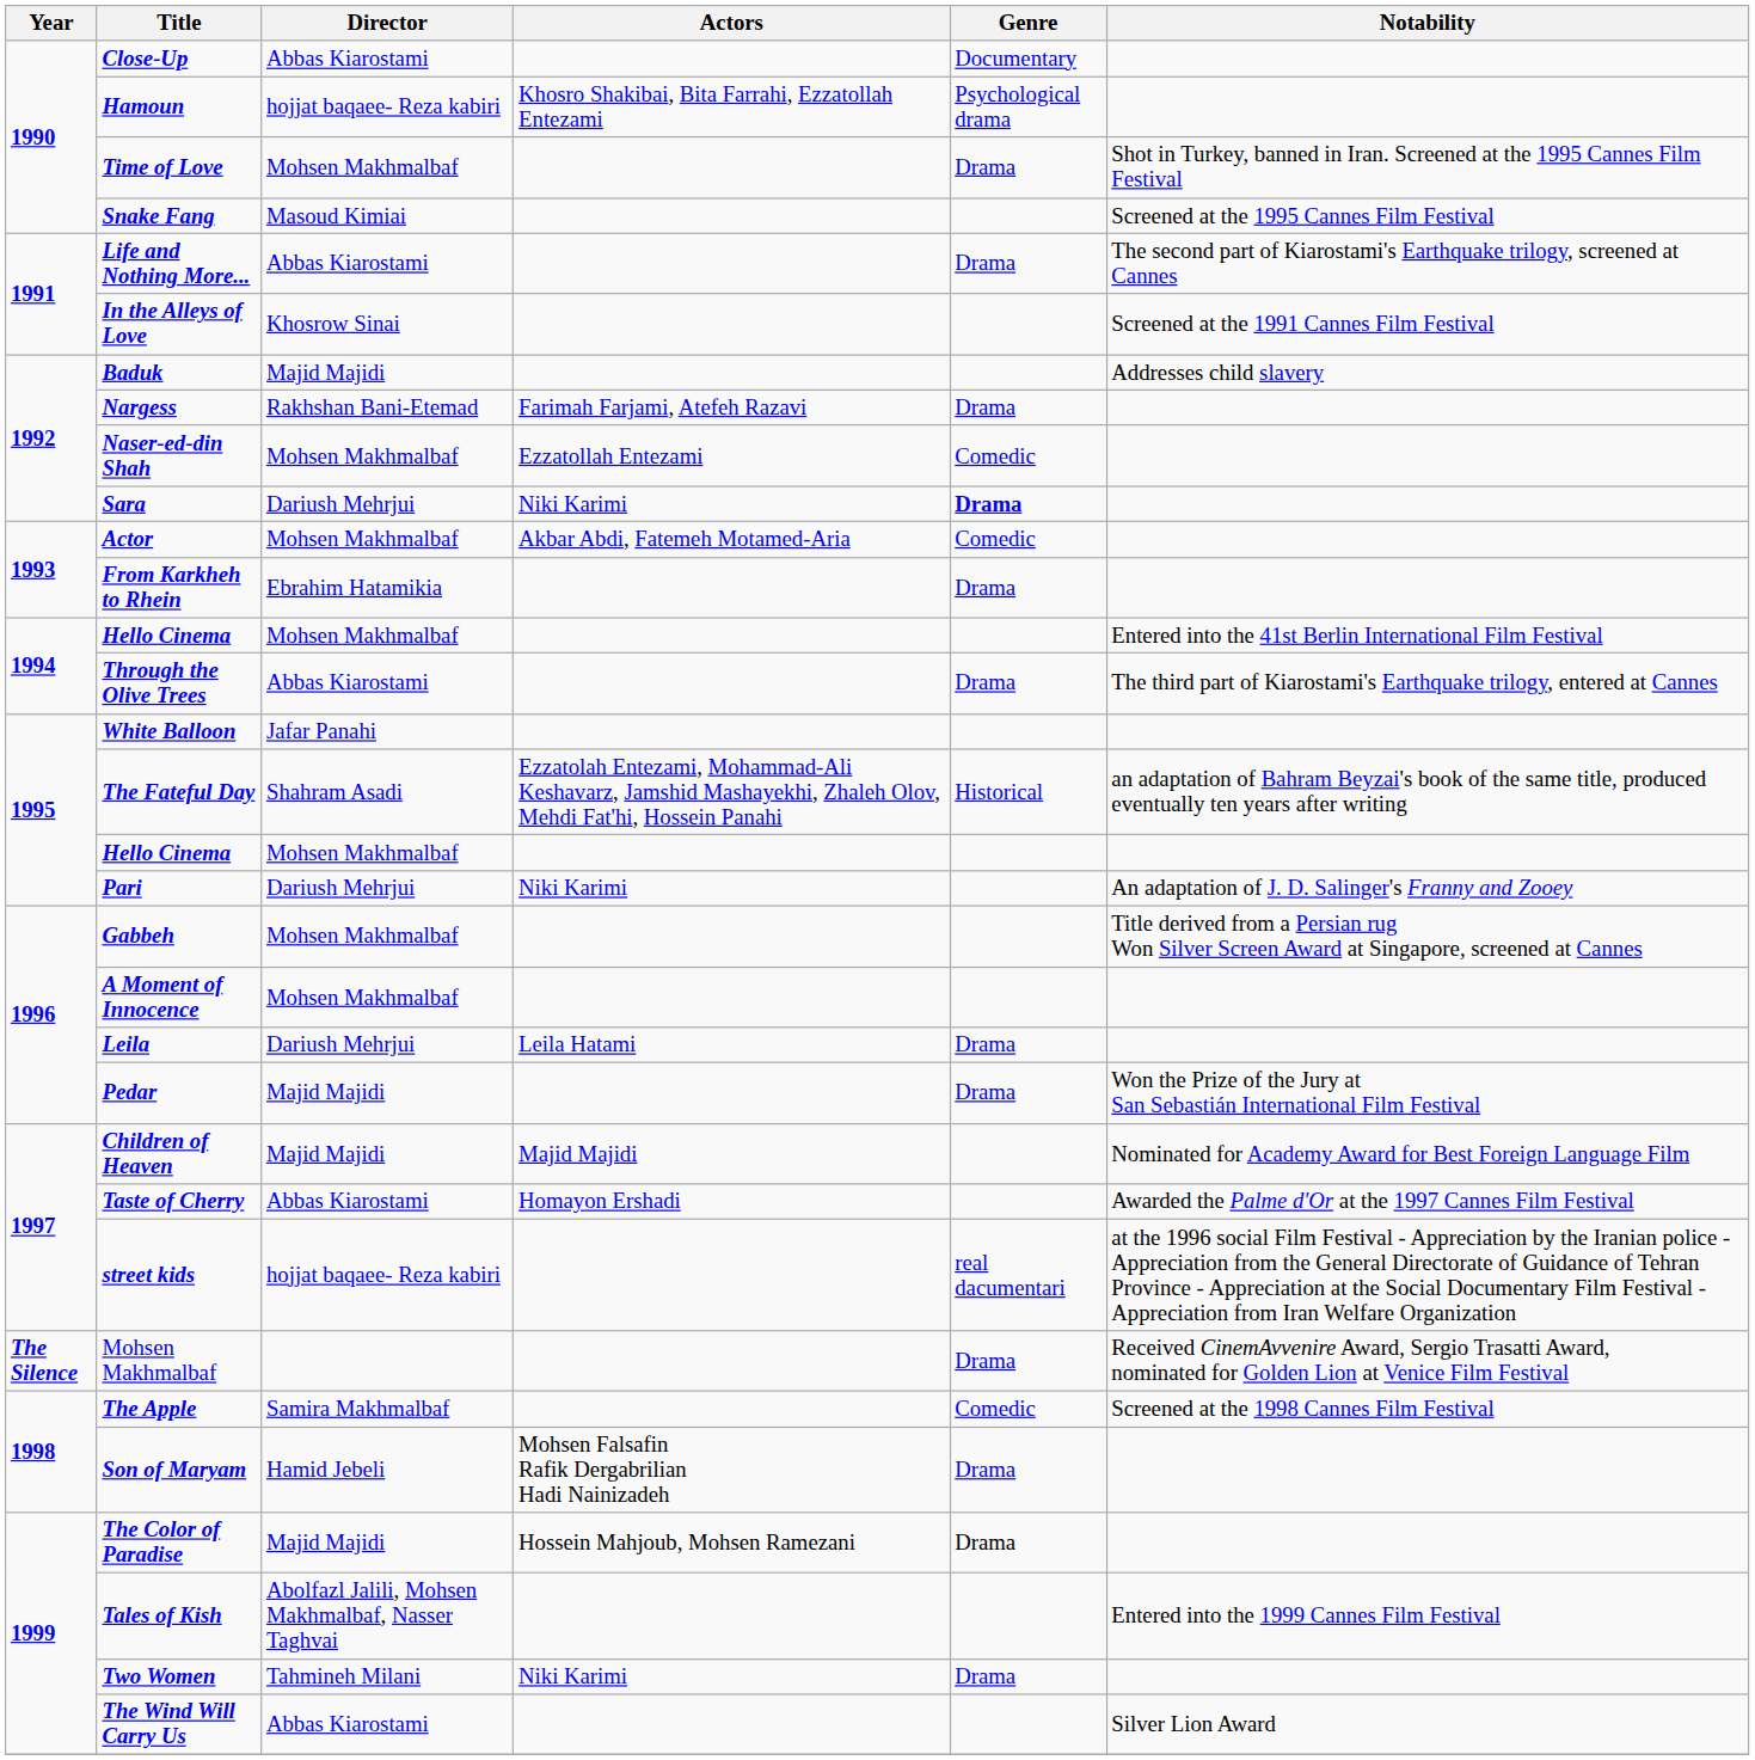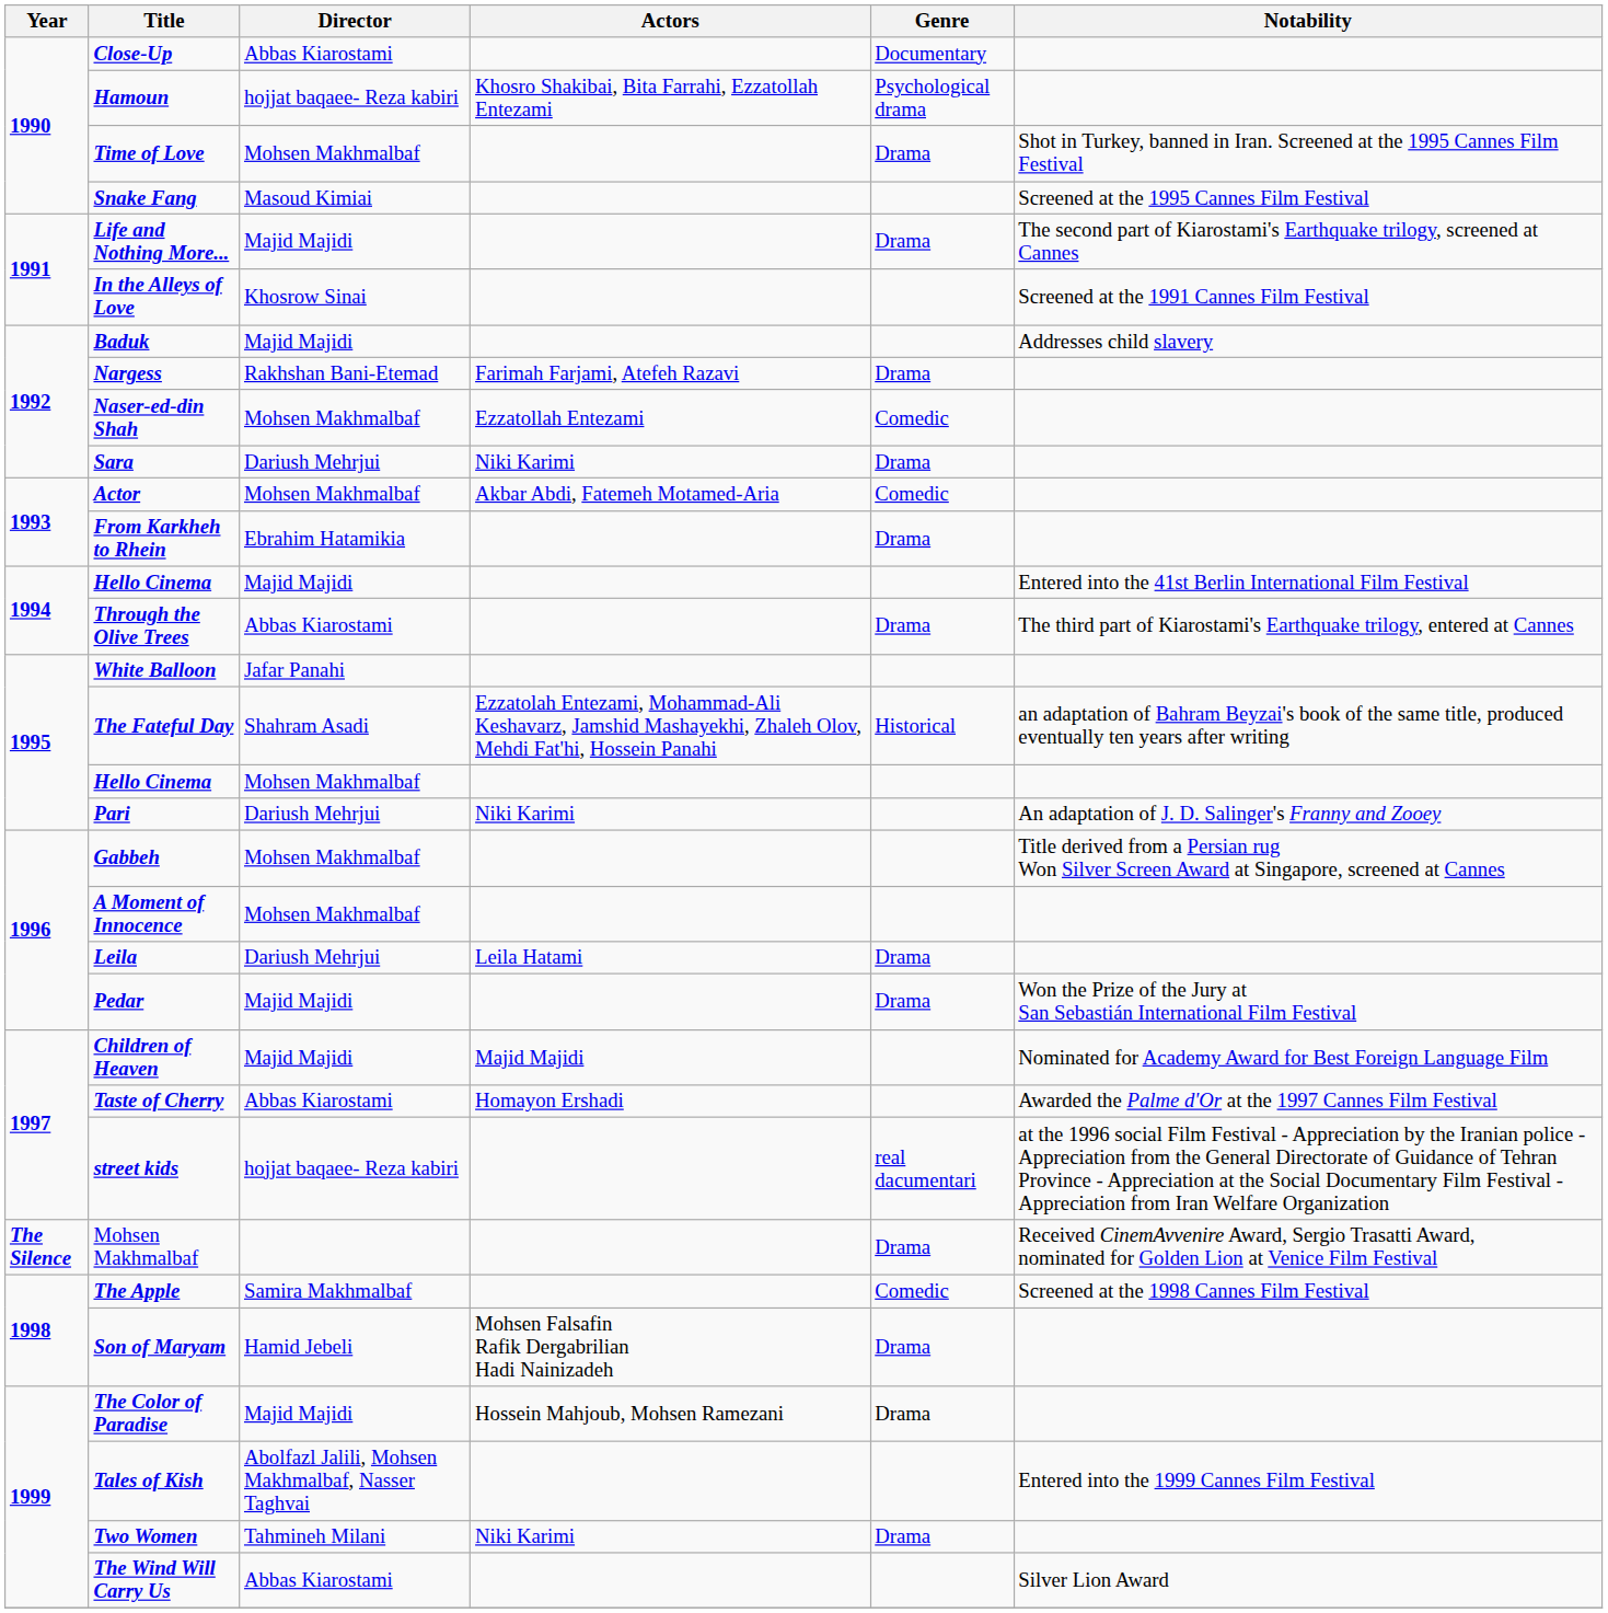 <table class="wikitable">
 <tr>
 <th>Year</th>
 <th>Title</th>
 <th>Director</th>
 <th>Actors</th>
 <th>Genre</th>
 <th>Notability</th>
 </tr>
 <tr>
 <td rowspan="4"><strong><a href='#'>1990</a></strong></td>
 <td><strong><em><a href='#'>Close-Up</a></em></strong></td>
 <td><a href='#'>Abbas Kiarostami</a></td>
 <td></td>
 <td><a href='#'>Documentary</a></td>
 <td></td>
 </tr>
 <tr>
 <td><strong><em><a href='#'>Hamoun</a></em></strong></td>
 <td><a href='#'>hojjat baqaee- Reza kabiri</a></td>
 <td><a href='#'>Khosro Shakibai</a>, <a href='#'>Bita Farrahi</a>, <a href='#'>Ezzatollah Entezami</a></td>
 <td><a href='#'>Psychological drama</a></td>
 <td></td>
 </tr>
 <tr>
 <td><strong><em><a href='#'>Time of Love</a></em></strong></td>
 <td><a href='#'>Mohsen Makhmalbaf</a></td>
 <td></td>
 <td><a href='#'>Drama</a></td>
 <td>Shot in Turkey, banned in Iran. Screened at the <a href='#'>1995 Cannes Film Festival</a></td>
 </tr>
 <tr>
 <td><strong><em><a href='#'>Snake Fang</a></em></strong></td>
 <td><a href='#'>Masoud Kimiai</a></td>
 <td></td>
 <td></td>
 <td>Screened at the <a href='#'>1995 Cannes Film Festival</a></td>
 </tr>
 <tr>
 <td rowspan="2"><strong><a href='#'>1991</a></strong></td>
 <td><strong><em><a href='#'>Life and Nothing More...</a></em></strong></td>
-<td><a href='#'>Abbas Kiarostami</a></td>
+<td><a href='#'>Majid Majidi</a></td>
 <td></td>
 <td><a href='#'>Drama</a></td>
 <td>The second part of Kiarostami's <a href='#'>Earthquake trilogy</a>, screened at <a href='#'>Cannes</a></td>
 </tr>
 <tr>
 <td><strong><em><a href='#'>In the Alleys of Love</a></em></strong></td>
 <td><a href='#'>Khosrow Sinai</a></td>
 <td></td>
 <td></td>
 <td>Screened at the <a href='#'>1991 Cannes Film Festival</a></td>
 </tr>
 <tr>
 <td rowspan="4"><strong><a href='#'>1992</a></strong></td>
 <td><strong><em><a href='#'>Baduk</a></em></strong></td>
 <td><a href='#'>Majid Majidi</a></td>
 <td></td>
 <td></td>
 <td>Addresses child <a href='#'>slavery</a></td>
 </tr>
 <tr>
 <td><strong><em><a href='#'>Nargess</a></em></strong></td>
 <td><a href='#'>Rakhshan Bani-Etemad</a></td>
 <td><a href='#'>Farimah Farjami</a>, <a href='#'>Atefeh Razavi</a></td>
 <td><a href='#'>Drama</a></td>
 <td></td>
 </tr>
 <tr>
 <td><strong><em><a href='#'>Naser-ed-din Shah</a></em></strong></td>
 <td><a href='#'>Mohsen Makhmalbaf</a></td>
 <td><a href='#'>Ezzatollah Entezami</a></td>
 <td><a href='#'>Comedic</a></td>
 <td></td>
 </tr>
 <tr>
 <td><strong><em><a href='#'>Sara</a></em></strong></td>
 <td><a href='#'>Dariush Mehrjui</a></td>
 <td><a href='#'>Niki Karimi</a></td>
-<td><strong><a href='#'>Drama</a></strong></td>
+<td><a href='#'>Drama</a></td>
 <td></td>
 </tr>
 <tr>
 <td rowspan="2"><strong><a href='#'>1993</a></strong></td>
 <td><strong><em><a href='#'>Actor</a></em></strong></td>
 <td><a href='#'>Mohsen Makhmalbaf</a></td>
 <td><a href='#'>Akbar Abdi</a>, <a href='#'>Fatemeh Motamed-Aria</a></td>
 <td><a href='#'>Comedic</a></td>
 <td></td>
 </tr>
 <tr>
 <td><strong><em><a href='#'>From Karkheh to Rhein</a></em></strong></td>
 <td><a href='#'>Ebrahim Hatamikia</a></td>
 <td></td>
 <td><a href='#'>Drama</a></td>
 <td></td>
 </tr>
 <tr>
 <td rowspan="2"><strong><a href='#'>1994</a></strong></td>
 <td><strong><em><a href='#'>Hello Cinema</a></em></strong></td>
-<td><a href='#'>Mohsen Makhmalbaf</a></td>
+<td><a href='#'>Majid Majidi</a></td>
 <td></td>
 <td></td>
 <td>Entered into the <a href='#'>41st Berlin International Film Festival</a></td>
 </tr>
 <tr>
 <td><strong><em><a href='#'>Through the Olive Trees</a></em></strong></td>
 <td><a href='#'>Abbas Kiarostami</a></td>
 <td></td>
 <td><a href='#'>Drama</a></td>
 <td>The third part of Kiarostami's <a href='#'>Earthquake trilogy</a>, entered at <a href='#'>Cannes</a></td>
 </tr>
 <tr>
 <td rowspan="4"><strong><a href='#'>1995</a></strong></td>
 <td><strong><em><a href='#'>White Balloon</a></em></strong></td>
 <td><a href='#'>Jafar Panahi</a></td>
 <td></td>
 <td></td>
 <td></td>
 </tr>
 <tr>
 <td><strong><em><a href='#'>The Fateful Day</a></em></strong></td>
 <td><a href='#'>Shahram Asadi</a></td>
 <td><a href='#'>Ezzatolah Entezami</a>, <a href='#'>Mohammad-Ali Keshavarz</a>, <a href='#'>Jamshid Mashayekhi</a>, <a href='#'>Zhaleh Olov</a>, <a href='#'>Mehdi Fat'hi</a>, <a href='#'>Hossein Panahi</a></td>
 <td><a href='#'>Historical</a></td>
 <td>an adaptation of <a href='#'>Bahram Beyzai</a>'s book of the same title, produced eventually ten years after writing</td>
 </tr>
 <tr>
 <td><strong><em><a href='#'>Hello Cinema</a></em></strong></td>
 <td><a href='#'>Mohsen Makhmalbaf</a></td>
 <td></td>
 <td></td>
 <td></td>
 </tr>
 <tr>
 <td><strong><em><a href='#'>Pari</a></em></strong></td>
 <td><a href='#'>Dariush Mehrjui</a></td>
 <td><a href='#'>Niki Karimi</a></td>
 <td></td>
 <td>An adaptation of <a href='#'>J. D. Salinger</a>'s <em><a href='#'>Franny and Zooey</a></em></td>
 </tr>
 <tr>
 <td rowspan="4"><strong><a href='#'>1996</a></strong></td>
 <td><strong><em><a href='#'>Gabbeh</a></em></strong></td>
 <td><a href='#'>Mohsen Makhmalbaf</a></td>
 <td></td>
 <td></td>
 <td>Title derived from a <a href='#'>Persian rug</a><br>Won <a href='#'>Silver Screen Award</a> at Singapore, screened at <a href='#'>Cannes</a></td>
 </tr>
 <tr>
 <td><strong><em><a href='#'>A Moment of Innocence</a></em></strong></td>
 <td><a href='#'>Mohsen Makhmalbaf</a></td>
 <td></td>
 <td></td>
 <td></td>
 </tr>
 <tr>
 <td><strong><em><a href='#'>Leila</a></em></strong></td>
 <td><a href='#'>Dariush Mehrjui</a></td>
 <td><a href='#'>Leila Hatami</a></td>
 <td><a href='#'>Drama</a></td>
 <td></td>
 </tr>
 <tr>
 <td><strong><em><a href='#'>Pedar</a></em></strong></td>
 <td><a href='#'>Majid Majidi</a></td>
 <td></td>
 <td><a href='#'>Drama</a></td>
 <td>Won the Prize of the Jury at<br><a href='#'>San Sebastián International Film Festival</a></td>
 </tr>
 <tr>
 <td rowspan="3"><strong><a href='#'>1997</a></strong></td>
 <td><strong><em><a href='#'>Children of Heaven</a></em></strong></td>
 <td><a href='#'>Majid Majidi</a></td>
 <td><a href='#'>Majid Majidi</a></td>
 <td></td>
 <td>Nominated for <a href='#'>Academy Award for Best Foreign Language Film</a></td>
 </tr>
 <tr>
 <td><strong><em><a href='#'>Taste of Cherry</a></em></strong></td>
 <td><a href='#'>Abbas Kiarostami</a></td>
 <td><a href='#'>Homayon Ershadi</a></td>
 <td></td>
 <td>Awarded the <em><a href='#'>Palme d'Or</a></em> at the <a href='#'>1997 Cannes Film Festival</a></td>
 </tr>
 <tr>
 <td><strong><em><a href='#'>street kids</a></em></strong></td>
 <td><a href='#'>hojjat baqaee- Reza kabiri</a></td>
 <td></td>
 <td><a href='#'>real dacumentari</a></td>
 <td>at the 1996 social Film Festival - Appreciation by the Iranian police -<br>Appreciation from the General Directorate of Guidance of Tehran Province - Appreciation at the Social Documentary Film Festival - Appreciation from Iran Welfare Organization</td>
 </tr>
 <tr>
 <td><strong><em><a href='#'>The Silence</a></em></strong></td>
 <td><a href='#'>Mohsen Makhmalbaf</a></td>
 <td></td>
 <td></td>
 <td><a href='#'>Drama</a></td>
 <td>Received <em>CinemAvvenire</em> Award, Sergio Trasatti Award,<br>nominated for <a href='#'>Golden Lion</a> at <a href='#'>Venice Film Festival</a></td>
 </tr>
 <tr>
 <td rowspan="2"><strong><a href='#'>1998</a></strong></td>
 <td><strong><em><a href='#'>The Apple</a></em></strong></td>
 <td><a href='#'>Samira Makhmalbaf</a></td>
 <td></td>
 <td><a href='#'>Comedic</a></td>
 <td>Screened at the <a href='#'>1998 Cannes Film Festival</a></td>
 </tr>
 <tr>
 <td><strong><em><a href='#'>Son of Maryam</a></em></strong></td>
 <td><a href='#'>Hamid Jebeli</a></td>
 <td>Mohsen Falsafin<br>Rafik Dergabrilian<br>Hadi Nainizadeh</td>
 <td><a href='#'>Drama</a></td>
 <td></td>
 </tr>
 <tr>
 <td rowspan="4"><strong><a href='#'>1999</a></strong></td>
 <td><strong><em><a href='#'>The Color of Paradise</a></em></strong></td>
 <td><a href='#'>Majid Majidi</a></td>
 <td>Hossein Mahjoub, Mohsen Ramezani</td>
 <td>Drama</td>
 <td></td>
 </tr>
 <tr>
 <td><strong><em><a href='#'>Tales of Kish</a></em></strong></td>
 <td><a href='#'>Abolfazl Jalili</a>, <a href='#'>Mohsen Makhmalbaf</a>, <a href='#'>Nasser Taghvai</a></td>
 <td></td>
 <td></td>
 <td>Entered into the <a href='#'>1999 Cannes Film Festival</a></td>
 </tr>
 <tr>
 <td><strong><em><a href='#'>Two Women</a></em></strong></td>
 <td><a href='#'>Tahmineh Milani</a></td>
 <td><a href='#'>Niki Karimi</a></td>
 <td><a href='#'>Drama</a></td>
 <td></td>
 </tr>
 <tr>
 <td><strong><em><a href='#'>The Wind Will Carry Us</a></em></strong></td>
 <td><a href='#'>Abbas Kiarostami</a></td>
 <td></td>
 <td></td>
 <td>Silver Lion Award</td>
 </tr>
 <tr>
 </tr>
 </table>
